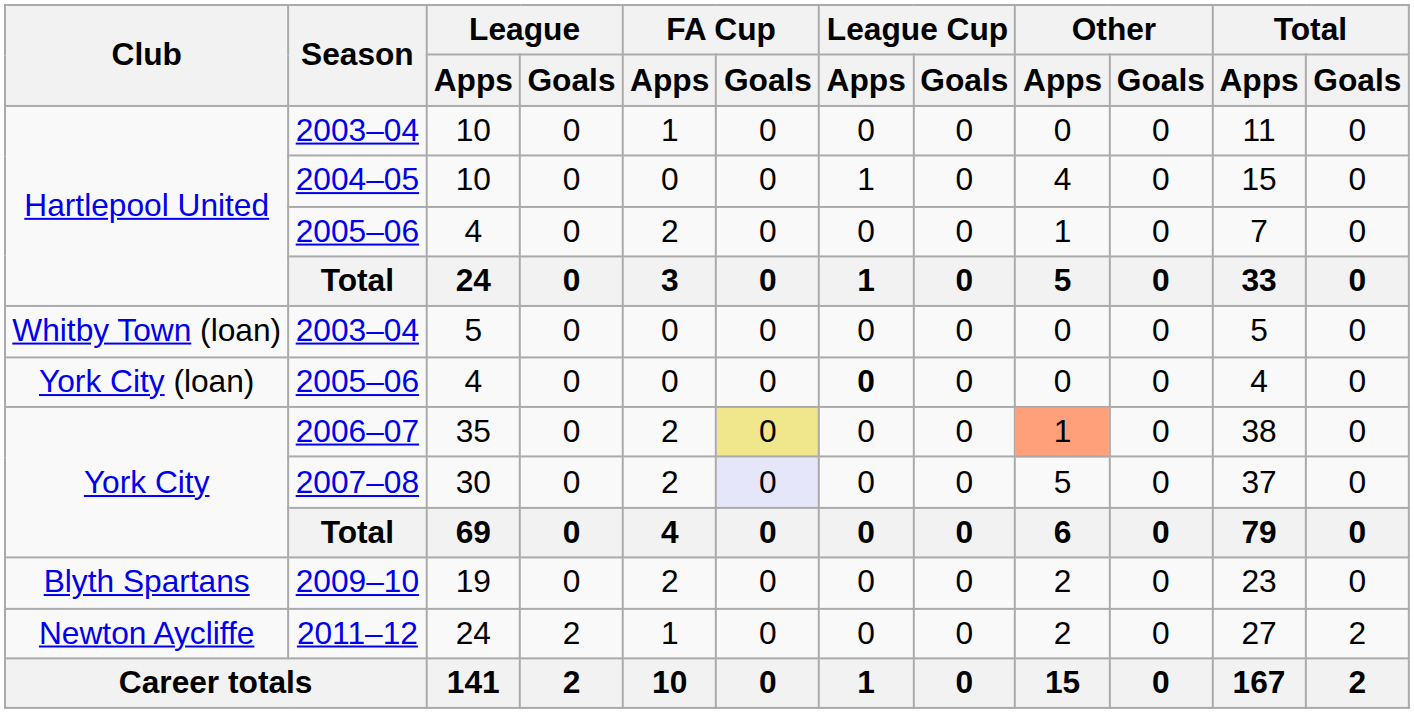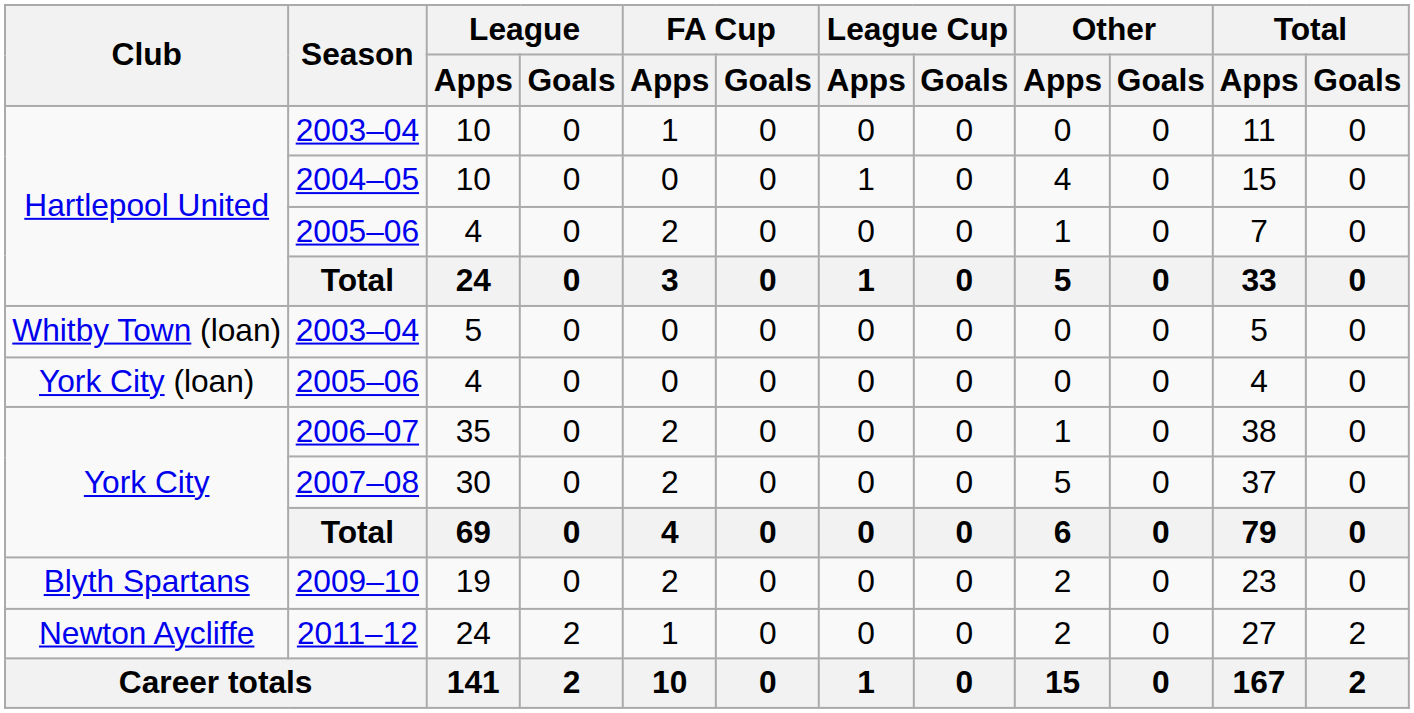 <table class="wikitable" style="text-align: center;">
 <tr>
 <th rowspan="2">Club</th>
 <th rowspan="2">Season</th>
 <th colspan="2">League</th>
 <th colspan="2">FA Cup</th>
 <th colspan="2">League Cup</th>
 <th colspan="2">Other</th>
 <th colspan="2">Total</th>
 </tr>
 <tr>
 <th>Apps</th>
 <th>Goals</th>
 <th>Apps</th>
 <th>Goals</th>
 <th>Apps</th>
 <th>Goals</th>
 <th>Apps</th>
 <th>Goals</th>
 <th>Apps</th>
 <th>Goals</th>
 </tr>
 <tr>
 <td rowspan="4" valign="center"><a href='#'>Hartlepool United</a></td>
 <td><a href='#'>2003–04</a></td>
 <td>10</td>
 <td>0</td>
 <td>1</td>
 <td>0</td>
 <td>0</td>
 <td>0</td>
 <td>0</td>
 <td>0</td>
 <td>11</td>
 <td>0</td>
 </tr>
 <tr>
 <td><a href='#'>2004–05</a></td>
 <td>10</td>
 <td>0</td>
 <td>0</td>
 <td>0</td>
 <td>1</td>
 <td>0</td>
 <td>4</td>
 <td>0</td>
 <td>15</td>
 <td>0</td>
 </tr>
 <tr>
 <td><a href='#'>2005–06</a></td>
 <td>4</td>
 <td>0</td>
 <td>2</td>
 <td>0</td>
 <td>0</td>
 <td>0</td>
 <td>1</td>
 <td>0</td>
 <td>7</td>
 <td>0</td>
 </tr>
 <tr>
 <th>Total</th>
 <th>24</th>
 <th>0</th>
 <th>3</th>
 <th>0</th>
 <th>1</th>
 <th>0</th>
 <th>5</th>
 <th>0</th>
 <th>33</th>
 <th>0</th>
 </tr>
 <tr>
 <td rowspan="1" valign="center"><a href='#'>Whitby Town</a> (loan)</td>
 <td><a href='#'>2003–04</a></td>
 <td>5</td>
 <td>0</td>
 <td>0</td>
 <td>0</td>
 <td>0</td>
 <td>0</td>
 <td>0</td>
 <td>0</td>
 <td>5</td>
 <td>0</td>
 </tr>
 <tr>
 <td rowspan="1" valign="center"><a href='#'>York City</a> (loan)</td>
 <td><a href='#'>2005–06</a></td>
 <td>4</td>
 <td>0</td>
 <td>0</td>
 <td>0</td>
-<td><strong>0</strong></td>
+<td>0</td>
 <td>0</td>
 <td>0</td>
 <td>0</td>
 <td>4</td>
 <td>0</td>
 </tr>
 <tr>
 <td rowspan="3" valign="center"><a href='#'>York City</a></td>
 <td><a href='#'>2006–07</a></td>
 <td>35</td>
 <td>0</td>
 <td>2</td>
-<td style="background: khaki;">0</td>
 <td>0</td>
 <td>0</td>
-<td style="background: lightsalmon;">1</td>
+<td>0</td>
+<td>1</td>
 <td>0</td>
 <td>38</td>
 <td>0</td>
 </tr>
 <tr>
 <td><a href='#'>2007–08</a></td>
 <td>30</td>
 <td>0</td>
 <td>2</td>
-<td style="background: lavender;">0</td>
+<td>0</td>
 <td>0</td>
 <td>0</td>
 <td>5</td>
 <td>0</td>
 <td>37</td>
 <td>0</td>
 </tr>
 <tr>
 <th>Total</th>
 <th>69</th>
 <th>0</th>
 <th>4</th>
 <th>0</th>
 <th>0</th>
 <th>0</th>
 <th>6</th>
 <th>0</th>
 <th>79</th>
 <th>0</th>
 </tr>
 <tr>
 <td rowspan="1" valign="center"><a href='#'>Blyth Spartans</a></td>
 <td><a href='#'>2009–10</a></td>
 <td>19</td>
 <td>0</td>
 <td>2</td>
 <td>0</td>
 <td>0</td>
 <td>0</td>
 <td>2</td>
 <td>0</td>
 <td>23</td>
 <td>0</td>
 </tr>
 <tr>
 <td rowspan="1" valign="center"><a href='#'>Newton Aycliffe</a></td>
 <td><a href='#'>2011–12</a></td>
 <td>24</td>
 <td>2</td>
 <td>1</td>
 <td>0</td>
 <td>0</td>
 <td>0</td>
 <td>2</td>
 <td>0</td>
 <td>27</td>
 <td>2</td>
 </tr>
 <tr>
 <th colspan="2">Career totals</th>
 <th>141</th>
 <th>2</th>
 <th>10</th>
 <th>0</th>
 <th>1</th>
 <th>0</th>
 <th>15</th>
 <th>0</th>
 <th>167</th>
 <th>2</th>
 </tr>
 </table>
